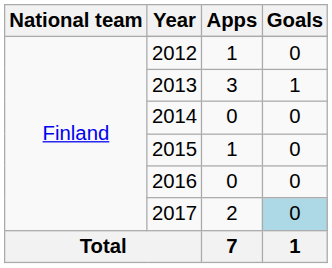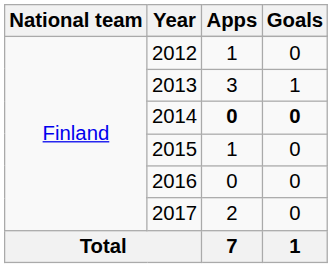 <table class="wikitable" style="text-align:center">
 <tr>
 <th>National team</th>
 <th>Year</th>
 <th>Apps</th>
 <th>Goals</th>
 </tr>
 <tr>
 <td rowspan="7"><a href='#'>Finland</a></td>
 </tr>
 <tr>
 <td>2012</td>
 <td>1</td>
 <td>0</td>
 </tr>
 <tr>
 <td>2013</td>
 <td>3</td>
 <td>1</td>
 </tr>
 <tr>
 <td>2014</td>
-<td>0</td>
-<td>0</td>
+<td><strong>0</strong></td>
+<td><strong>0</strong></td>
 </tr>
 <tr>
 <td>2015</td>
 <td>1</td>
 <td>0</td>
 </tr>
 <tr>
 <td>2016</td>
 <td>0</td>
 <td>0</td>
 </tr>
 <tr>
 <td>2017</td>
 <td>2</td>
-<td style="background: lightblue;">0</td>
+<td>0</td>
 </tr>
 <tr>
 <th colspan=2>Total</th>
 <th>7</th>
 <th>1</th>
 </tr>
 </table>
